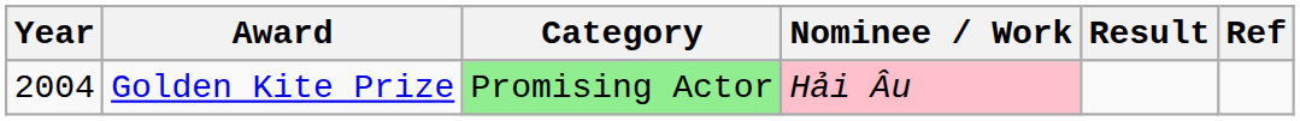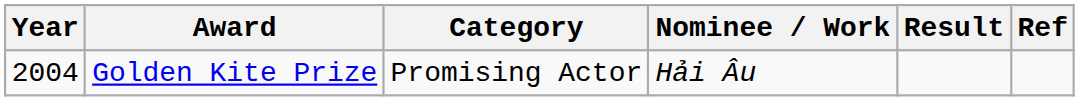 <table class="wikitable">
 <tr>
 <th>Year</th>
 <th>Award</th>
 <th>Category</th>
 <th>Nominee / Work</th>
 <th>Result</th>
 <th>Ref</th>
 </tr>
 <tr>
 <td rowspan=2>2004</td>
 <td><a href='#'>Golden Kite Prize</a></td>
-<td style="background: lightgreen;">Promising Actor</td>
-<td style="background: pink;"><em>Hải Âu</em></td>
+<td>Promising Actor</td>
+<td><em>Hải Âu</em></td>
 <td></td>
 <td></td>
 </tr>
 </table>
